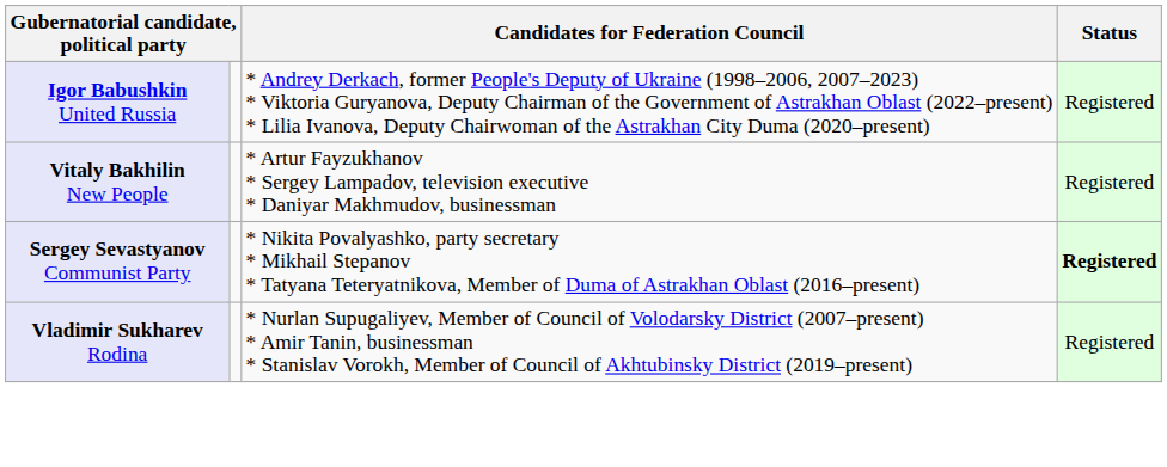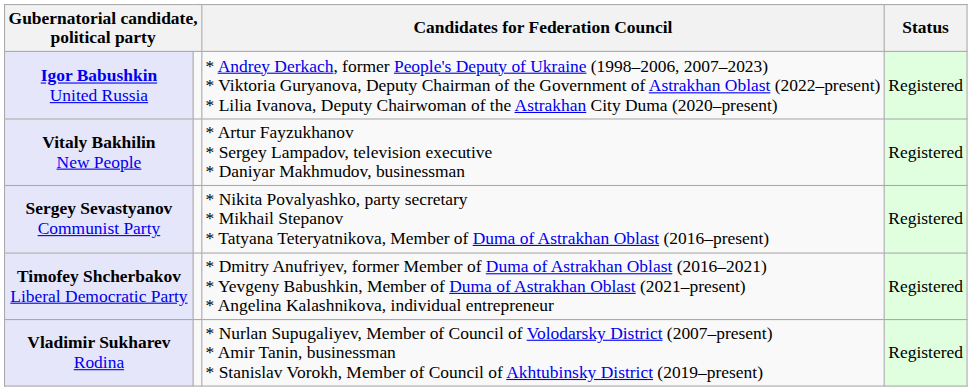 <table class="wikitable" style="text-align:center;">
 <tr>
 <th colspan="2">Gubernatorial candidate,<br>political party</th>
 <th>Candidates for Federation Council</th>
 <th>Status</th>
 </tr>
 <tr>
 <td style="background:lavender;"><strong><a href='#'>Igor Babushkin</a></strong><br><a href='#'>United Russia</a></td>
 <td style="background-color:"></td>
 <td align=left>* <a href='#'>Andrey Derkach</a>, former <a href='#'>People's Deputy of Ukraine</a> (1998–2006, 2007–2023)<br>* Viktoria Guryanova, Deputy Chairman of the Government of <a href='#'>Astrakhan Oblast</a> (2022–present)<br>* Lilia Ivanova, Deputy Chairwoman of the <a href='#'>Astrakhan</a> City Duma (2020–present)</td>
 <td bgcolor="#DFFFDF">Registered</td>
 </tr>
 <tr>
 <td style="background:lavender;"><strong>Vitaly Bakhilin</strong><br><a href='#'>New People</a></td>
 <td style="background-color:"></td>
 <td align=left>* Artur Fayzukhanov<br>* Sergey Lampadov, television executive<br>* Daniyar Makhmudov, businessman</td>
 <td bgcolor="#DFFFDF">Registered</td>
 </tr>
 <tr>
 <td style="background:lavender;"><strong>Sergey Sevastyanov</strong><br><a href='#'>Communist Party</a></td>
 <td style="background-color:"></td>
 <td align=left>* Nikita Povalyashko, party secretary<br>* Mikhail Stepanov<br>* Tatyana Teteryatnikova, Member of <a href='#'>Duma of Astrakhan Oblast</a> (2016–present)</td>
-<td bgcolor="#DFFFDF"><strong>Registered</strong></td>
+<td bgcolor="#DFFFDF">Registered</td>
+</tr>
+<tr>
+<td style="background:lavender;"><strong>Timofey Shcherbakov</strong><br><a href='#'>Liberal Democratic Party</a></td>
+<td style="background-color:"></td>
+<td align=left>* Dmitry Anufriyev, former Member of <a href='#'>Duma of Astrakhan Oblast</a> (2016–2021)<br>* Yevgeny Babushkin, Member of <a href='#'>Duma of Astrakhan Oblast</a> (2021–present)<br>* Angelina Kalashnikova, individual entrepreneur</td>
+<td bgcolor="#DFFFDF">Registered</td>
 </tr>
 <tr>
 <td style="background:lavender;"><strong>Vladimir Sukharev</strong><br><a href='#'>Rodina</a></td>
 <td style="background-color:"></td>
 <td align=left>* Nurlan Supugaliyev, Member of Council of <a href='#'>Volodarsky District</a> (2007–present)<br>* Amir Tanin, businessman<br>* Stanislav Vorokh, Member of Council of <a href='#'>Akhtubinsky District</a> (2019–present)</td>
 <td bgcolor="#DFFFDF">Registered</td>
 </tr>
 </table>
